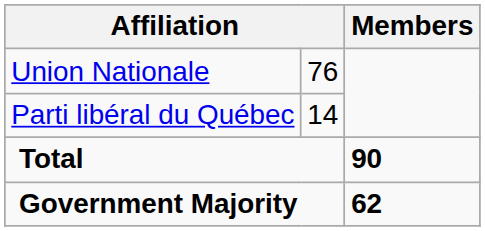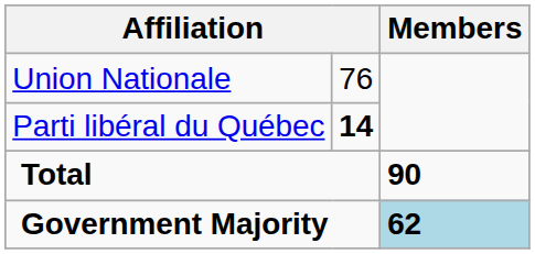 <table class="wikitable">
 <tr>
 <th colspan="2">Affiliation</th>
 <th>Members</th>
 </tr>
 <tr>
 <td align=left><a href='#'>Union Nationale</a></td>
 <td>76</td>
 </tr>
 <tr>
 <td align=left><a href='#'>Parti libéral du Québec</a></td>
-<td>14</td>
+<td><strong>14</strong></td>
 </tr>
 <tr>
 <td colspan="2" style="text-align:left;"> <strong>Total</strong><br></td>
 <td><strong>90</strong></td>
 </tr>
 <tr>
 <td colspan="2" style="text-align:left;"> <strong>Government Majority</strong><br></td>
-<td><strong>62</strong></td>
+<td style="background: lightblue;"><strong>62</strong></td>
 </tr>
 </table>
